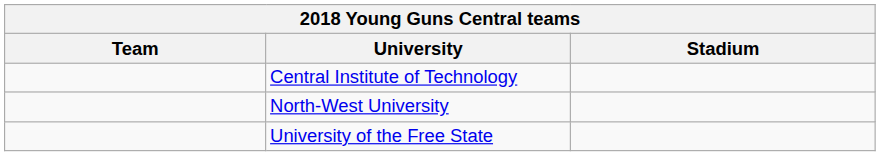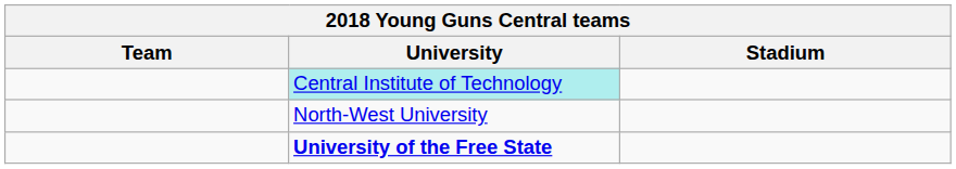 <table class="wikitable sortable" style="text-align:left; font-size:100%; width:60%">
 <tr>
 <th colspan="100%">2018 Young Guns Central teams</th>
 </tr>
 <tr>
 <th style="width:30%;">Team</th>
 <th style="width:35%;">University</th>
 <th style="width:35%;">Stadium</th>
 </tr>
 <tr>
 <td></td>
-<td><a href='#'>Central Institute of Technology</a></td>
+<td style="background: paleturquoise;"><a href='#'>Central Institute of Technology</a></td>
 <td></td>
 </tr>
 <tr>
 <td></td>
 <td><a href='#'>North-West University</a></td>
 <td></td>
 </tr>
 <tr>
 <td></td>
-<td><a href='#'>University of the Free State</a></td>
+<td><strong><a href='#'>University of the Free State</a></strong></td>
 <td></td>
 </tr>
 </table>
